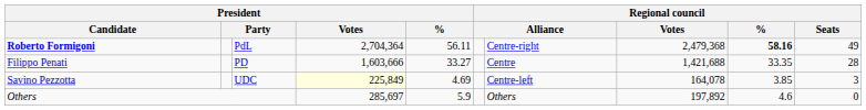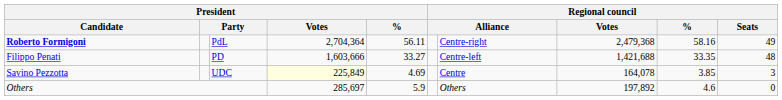 <table class="wikitable" style="text-align:right; style="width=65%">
 <tr>
 <th colspan="5">President</th>
 <th colspan="7">Regional council</th>
 </tr>
 <tr>
 <th>Candidate</th>
 <th colspan="2">Party</th>
 <th>Votes</th>
 <th>%</th>
 <th colspan="2">Alliance</th>
 <th>Votes</th>
 <th>%</th>
 <th>Seats</th>
 </tr>
 <tr>
 <td style="text-align:left"><strong><a href='#'>Roberto Formigoni</a></strong></td>
 <td></td>
 <td style="text-align:left"><a href='#'>PdL</a></td>
 <td>2,704,364</td>
 <td>56.11</td>
 <td></td>
 <td style="text-align:left"><a href='#'>Centre-right</a></td>
 <td>2,479,368</td>
-<td><strong>58.16</strong></td>
+<td>58.16</td>
 <td>49</td>
 </tr>
 <tr>
 <td style="text-align:left"><a href='#'>Filippo Penati</a></td>
 <td></td>
 <td style="text-align:left"><a href='#'>PD</a></td>
 <td>1,603,666</td>
 <td>33.27</td>
 <td></td>
-<td style="text-align:left"><a href='#'>Centre</a></td>
+<td style="text-align:left"><a href='#'>Centre-left</a></td>
 <td>1,421,688</td>
 <td>33.35</td>
-<td>28</td>
+<td>48</td>
 </tr>
 <tr>
 <td style="text-align:left"><a href='#'>Savino Pezzotta</a></td>
 <td></td>
 <td style="text-align:left"><a href='#'>UDC</a></td>
 <td style="background: lightyellow;">225,849</td>
 <td>4.69</td>
 <td></td>
-<td style="text-align:left"><a href='#'>Centre-left</a></td>
+<td style="text-align:left"><a href='#'>Centre</a></td>
 <td>164,078</td>
 <td>3.85</td>
 <td>3</td>
 </tr>
 <tr>
 <td colspan="3" style="text-align:left"><em>Others</em></td>
 <td>285,697</td>
 <td>5.9</td>
 <td></td>
 <td style="text-align:left"><em>Others</em></td>
 <td>197,892</td>
 <td>4.6</td>
 <td>0</td>
 </tr>
 </table>
